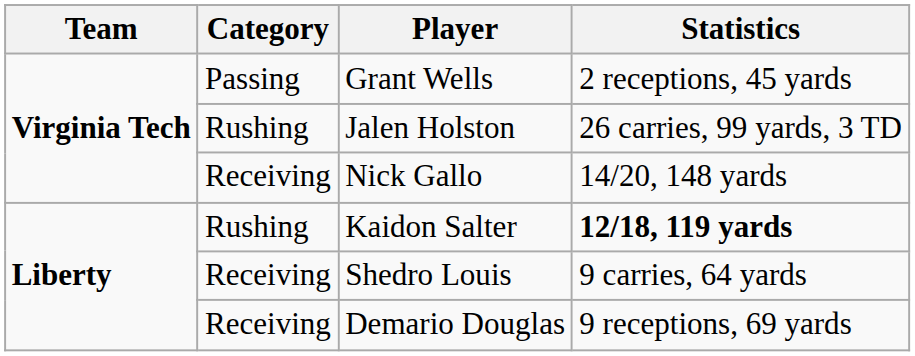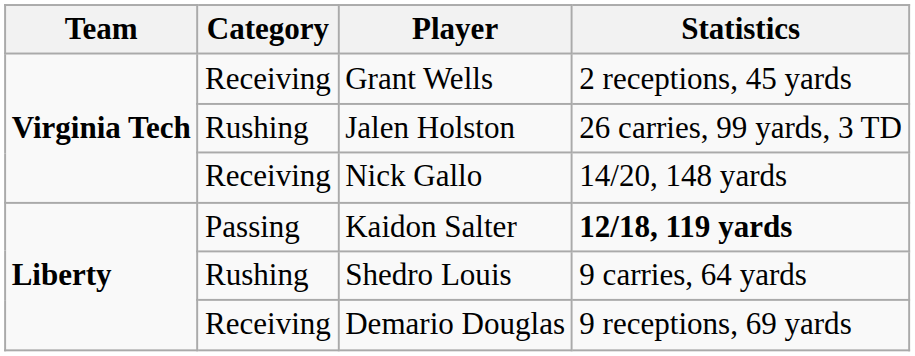 <table class="wikitable" style="float: right;">
 <tr>
 <th>Team</th>
 <th>Category</th>
 <th>Player</th>
 <th>Statistics</th>
 </tr>
 <tr>
 <td rowspan=3><strong>Virginia Tech</strong></td>
-<td>Passing</td>
+<td>Receiving</td>
 <td>Grant Wells</td>
 <td>2 receptions, 45 yards</td>
 </tr>
 <tr>
 <td>Rushing</td>
 <td>Jalen Holston</td>
 <td>26 carries, 99 yards, 3 TD</td>
 </tr>
 <tr>
 <td>Receiving</td>
 <td>Nick Gallo</td>
 <td>14/20, 148 yards</td>
 </tr>
 <tr>
 <td rowspan=3><strong>Liberty</strong></td>
-<td>Rushing</td>
+<td>Passing</td>
 <td>Kaidon Salter</td>
 <td><strong>12/18, 119 yards</strong></td>
 </tr>
 <tr>
-<td>Receiving</td>
+<td>Rushing</td>
 <td>Shedro Louis</td>
 <td>9 carries, 64 yards</td>
 </tr>
 <tr>
 <td>Receiving</td>
 <td>Demario Douglas</td>
 <td>9 receptions, 69 yards</td>
 </tr>
 </table>
